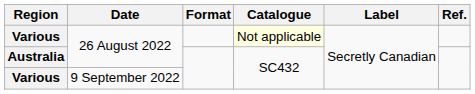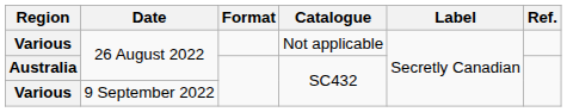 <table class="wikitable plainrowheaders" style="text-align:center;">
 <tr>
 <th>Region</th>
 <th>Date</th>
 <th>Format</th>
 <th>Catalogue</th>
 <th>Label</th>
 <th>Ref.</th>
 </tr>
 <tr>
 <th scope="row">Various</th>
 <td rowspan="2">26 August 2022</td>
 <td></td>
-<td style="background: lightyellow;">Not applicable</td>
+<td>Not applicable</td>
 <td rowspan="3">Secretly Canadian</td>
 <td></td>
 </tr>
 <tr>
 <th scope="row">Australia</th>
 <td rowspan="2"></td>
 <td rowspan="2">SC432</td>
 <td rowspan="2"></td>
 </tr>
 <tr>
 <th scope="row">Various</th>
 <td>9 September 2022</td>
 </tr>
 </table>
